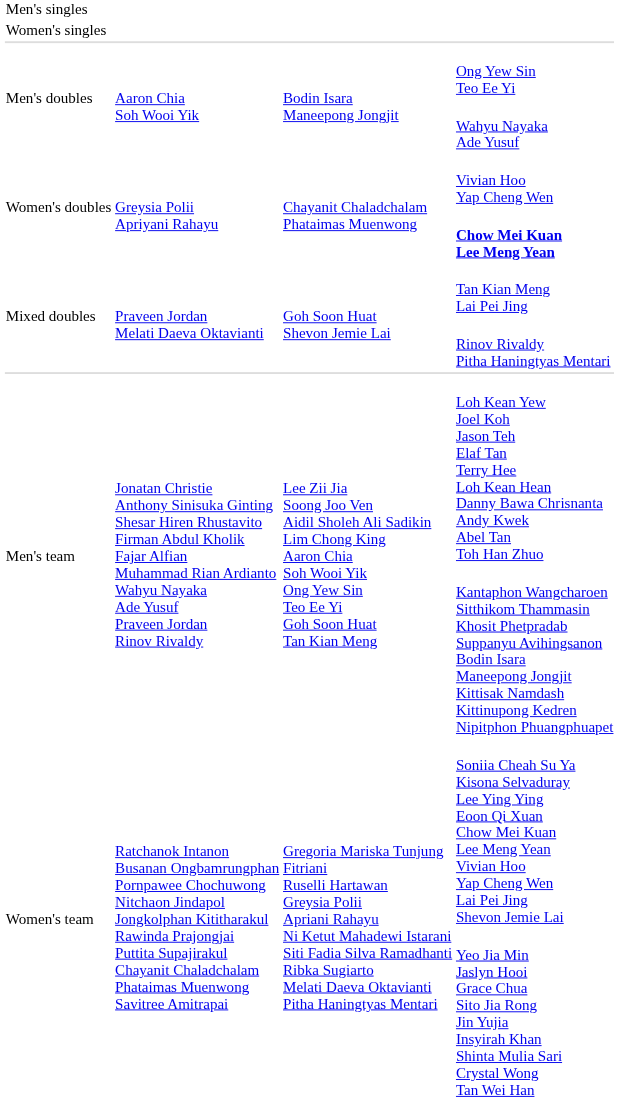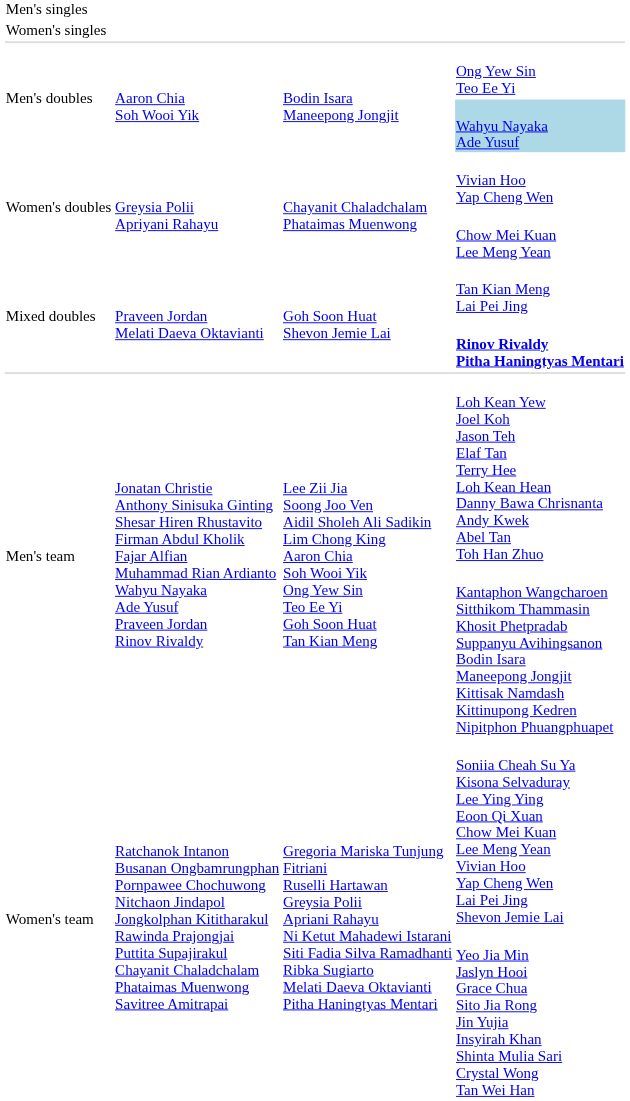 <table>
 <tr>
 <td rowspan=2>Men's singles<br></td>
 <td rowspan=2></td>
 <td rowspan=2></td>
 <td></td>
 </tr>
 <tr>
 <td></td>
 </tr>
 <tr>
 <td rowspan=2>Women's singles<br></td>
 <td rowspan=2></td>
 <td rowspan=2></td>
 <td></td>
 </tr>
 <tr>
 <td></td>
 </tr>
 <tr style="background:#dddddd;">
 <td colspan=7></td>
 </tr>
 <tr>
 <td rowspan=2>Men's doubles<br></td>
 <td rowspan=2><br><a href='#'>Aaron Chia</a><br><a href='#'>Soh Wooi Yik</a></td>
 <td rowspan=2><br><a href='#'>Bodin Isara</a><br><a href='#'>Maneepong Jongjit</a></td>
 <td><br><a href='#'>Ong Yew Sin</a><br><a href='#'>Teo Ee Yi</a></td>
 </tr>
 <tr>
-<td nowrap=true><br><a href='#'>Wahyu Nayaka</a><br><a href='#'>Ade Yusuf</a></td>
+<td nowrap=true style="background: lightblue;"><br><a href='#'>Wahyu Nayaka</a><br><a href='#'>Ade Yusuf</a></td>
 </tr>
 <tr>
 <td rowspan=2>Women's doubles<br></td>
 <td rowspan=2><br><a href='#'>Greysia Polii</a><br><a href='#'>Apriyani Rahayu</a></td>
 <td rowspan=2><br><a href='#'>Chayanit Chaladchalam</a><br><a href='#'>Phataimas Muenwong</a></td>
 <td><br><a href='#'>Vivian Hoo</a><br><a href='#'>Yap Cheng Wen</a></td>
 </tr>
 <tr>
-<td><strong><br><a href='#'>Chow Mei Kuan</a><br><a href='#'>Lee Meng Yean</a></strong></td>
+<td><br><a href='#'>Chow Mei Kuan</a><br><a href='#'>Lee Meng Yean</a></td>
 </tr>
 <tr>
 <td rowspan=2>Mixed doubles<br></td>
 <td rowspan=2><br><a href='#'>Praveen Jordan</a><br><a href='#'>Melati Daeva Oktavianti</a></td>
 <td rowspan=2><br><a href='#'>Goh Soon Huat</a><br><a href='#'>Shevon Jemie Lai</a></td>
 <td><br><a href='#'>Tan Kian Meng</a><br><a href='#'>Lai Pei Jing</a></td>
 </tr>
 <tr>
-<td><br><a href='#'>Rinov Rivaldy</a><br><a href='#'>Pitha Haningtyas Mentari</a></td>
+<td><strong><br><a href='#'>Rinov Rivaldy</a><br><a href='#'>Pitha Haningtyas Mentari</a></strong></td>
 </tr>
 <tr style="background:#dddddd;">
 <td colspan=7></td>
 </tr>
 <tr>
 <td rowspan=2>Men's team<br></td>
 <td nowrap=true rowspan=2><br><a href='#'>Jonatan Christie</a><br><a href='#'>Anthony Sinisuka Ginting</a><br><a href='#'>Shesar Hiren Rhustavito</a><br><a href='#'>Firman Abdul Kholik</a><br><a href='#'>Fajar Alfian</a><br><a href='#'>Muhammad Rian Ardianto</a><br><a href='#'>Wahyu Nayaka</a><br><a href='#'>Ade Yusuf</a><br><a href='#'>Praveen Jordan</a><br><a href='#'>Rinov Rivaldy</a></td>
 <td rowspan=2><br><a href='#'>Lee Zii Jia</a><br><a href='#'>Soong Joo Ven</a><br><a href='#'>Aidil Sholeh Ali Sadikin</a><br><a href='#'>Lim Chong King</a><br><a href='#'>Aaron Chia</a><br><a href='#'>Soh Wooi Yik</a><br><a href='#'>Ong Yew Sin</a><br><a href='#'>Teo Ee Yi</a><br><a href='#'>Goh Soon Huat</a><br><a href='#'>Tan Kian Meng</a></td>
 <td><br><a href='#'>Loh Kean Yew</a><br><a href='#'>Joel Koh</a><br><a href='#'>Jason Teh</a><br><a href='#'>Elaf Tan</a><br><a href='#'>Terry Hee</a><br><a href='#'>Loh Kean Hean</a><br><a href='#'>Danny Bawa Chrisnanta</a><br><a href='#'>Andy Kwek</a><br><a href='#'>Abel Tan</a><br><a href='#'>Toh Han Zhuo</a></td>
 </tr>
 <tr>
 <td><br><a href='#'>Kantaphon Wangcharoen</a><br><a href='#'>Sitthikom Thammasin</a><br><a href='#'>Khosit Phetpradab</a><br><a href='#'>Suppanyu Avihingsanon</a><br><a href='#'>Bodin Isara</a><br><a href='#'>Maneepong Jongjit</a><br><a href='#'>Kittisak Namdash</a><br><a href='#'>Kittinupong Kedren</a><br><a href='#'>Nipitphon Phuangphuapet</a></td>
 </tr>
 <tr>
 <td rowspan=2>Women's team<br></td>
 <td rowspan=2><br><a href='#'>Ratchanok Intanon</a><br><a href='#'>Busanan Ongbamrungphan</a><br><a href='#'>Pornpawee Chochuwong</a><br><a href='#'>Nitchaon Jindapol</a><br><a href='#'>Jongkolphan Kititharakul</a><br><a href='#'>Rawinda Prajongjai</a><br><a href='#'>Puttita Supajirakul</a><br><a href='#'>Chayanit Chaladchalam</a><br><a href='#'>Phataimas Muenwong</a><br><a href='#'>Savitree Amitrapai</a></td>
 <td nowrap=true rowspan=2><br><a href='#'>Gregoria Mariska Tunjung</a><br><a href='#'>Fitriani</a><br><a href='#'>Ruselli Hartawan</a><br><a href='#'>Greysia Polii</a><br><a href='#'>Apriani Rahayu</a><br><a href='#'>Ni Ketut Mahadewi Istarani</a><br><a href='#'>Siti Fadia Silva Ramadhanti</a><br><a href='#'>Ribka Sugiarto</a><br><a href='#'>Melati Daeva Oktavianti</a><br><a href='#'>Pitha Haningtyas Mentari</a></td>
 <td><br><a href='#'>Soniia Cheah Su Ya</a><br><a href='#'>Kisona Selvaduray</a><br><a href='#'>Lee Ying Ying</a><br><a href='#'>Eoon Qi Xuan</a><br><a href='#'>Chow Mei Kuan</a><br><a href='#'>Lee Meng Yean</a><br><a href='#'>Vivian Hoo</a><br><a href='#'>Yap Cheng Wen</a><br><a href='#'>Lai Pei Jing</a><br><a href='#'>Shevon Jemie Lai</a></td>
 </tr>
 <tr>
 <td><br><a href='#'>Yeo Jia Min</a><br><a href='#'>Jaslyn Hooi</a><br><a href='#'>Grace Chua</a><br><a href='#'>Sito Jia Rong</a><br><a href='#'>Jin Yujia</a><br><a href='#'>Insyirah Khan</a><br><a href='#'>Shinta Mulia Sari</a><br><a href='#'>Crystal Wong</a><br><a href='#'>Tan Wei Han</a></td>
 </tr>
 </table>
